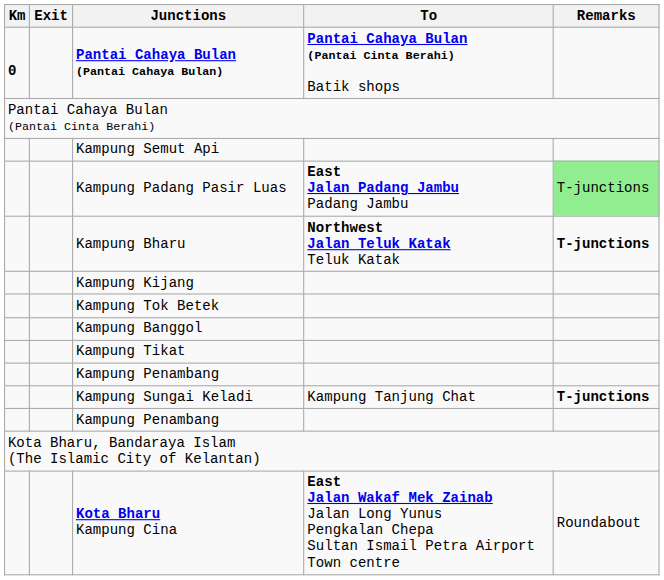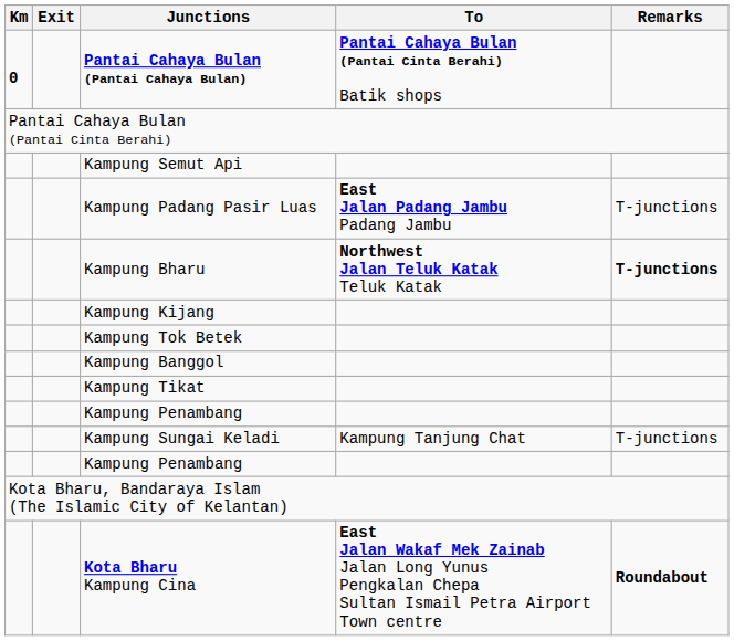 <table class="wikitable">
 <tr>
 <th>Km</th>
 <th>Exit</th>
 <th>Junctions</th>
 <th>To</th>
 <th>Remarks</th>
 </tr>
 <tr>
 <td><br><strong>0</strong></td>
 <td></td>
 <td><strong><a href='#'>Pantai Cahaya Bulan</a></strong> <br><small><strong>(Pantai Cahaya Bulan)</strong></small></td>
 <td><strong><a href='#'>Pantai Cahaya Bulan</a></strong> <br><small><strong>(Pantai Cinta Berahi)</strong></small><br>       <br>Batik shops</td>
 <td></td>
 </tr>
 <tr>
 <td style="width:600px" colspan="6" style="text-align:center">Pantai Cahaya Bulan<br><small>(Pantai Cinta Berahi)</small></td>
 </tr>
 <tr>
 <td></td>
 <td></td>
 <td>Kampung Semut Api</td>
 <td></td>
 <td></td>
 </tr>
 <tr>
 <td></td>
 <td></td>
 <td>Kampung Padang Pasir Luas</td>
 <td><strong>East</strong><br> <strong><a href='#'>Jalan Padang Jambu</a></strong><br>Padang Jambu</td>
-<td style="background: lightgreen;">T-junctions</td>
+<td>T-junctions</td>
 </tr>
 <tr>
 <td></td>
 <td></td>
 <td>Kampung Bharu</td>
 <td><strong>Northwest</strong><br> <strong><a href='#'>Jalan Teluk Katak</a></strong><br>Teluk Katak</td>
 <td><strong>T-junctions</strong></td>
 </tr>
 <tr>
 <td></td>
 <td></td>
 <td>Kampung Kijang</td>
 <td></td>
 <td></td>
 </tr>
 <tr>
 <td></td>
 <td></td>
 <td>Kampung Tok Betek</td>
 <td></td>
 <td></td>
 </tr>
 <tr>
 <td></td>
 <td></td>
 <td>Kampung Banggol</td>
 <td></td>
 <td></td>
 </tr>
 <tr>
 <td></td>
 <td></td>
 <td>Kampung Tikat</td>
 <td></td>
 <td></td>
 </tr>
 <tr>
 <td></td>
 <td></td>
 <td>Kampung Penambang</td>
 <td></td>
 <td></td>
 </tr>
 <tr>
 <td></td>
 <td></td>
 <td>Kampung Sungai Keladi</td>
 <td>Kampung Tanjung Chat</td>
-<td><strong>T-junctions</strong></td>
+<td>T-junctions</td>
 </tr>
 <tr>
 <td></td>
 <td></td>
 <td>Kampung Penambang</td>
 <td></td>
 <td></td>
 </tr>
 <tr>
 <td style="width:600px" colspan="6" style="text-align:center">Kota Bharu, Bandaraya Islam<br>(The Islamic City of Kelantan)</td>
 </tr>
 <tr>
 <td></td>
 <td></td>
 <td><strong><a href='#'>Kota Bharu</a></strong><br>Kampung Cina</td>
 <td><strong>East</strong><br> <strong><a href='#'>Jalan Wakaf Mek Zainab</a></strong><br> Jalan Long Yunus<br> Pengkalan Chepa<br>Sultan Ismail Petra Airport <br>Town centre</td>
-<td>Roundabout</td>
+<td><strong>Roundabout</strong></td>
 </tr>
 </table>
